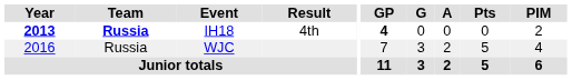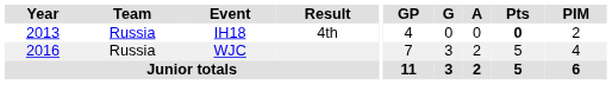 <table border="0" cellpadding="1" cellspacing="0" ID="Table3" style="text-align:center; width:40em">
 <tr ALIGN="center" bgcolor="#e0e0e0">
 <th>Year</th>
 <th>Team</th>
 <th>Event</th>
 <th>Result</th>
 <th rowspan="99" bgcolor="#ffffff"></th>
 <th>GP</th>
 <th>G</th>
 <th>A</th>
 <th>Pts</th>
 <th>PIM</th>
 </tr>
 <tr>
-<td><strong><a href='#'>2013</a></strong></td>
-<td><strong><a href='#'>Russia</a></strong></td>
+<td><a href='#'>2013</a></td>
+<td><a href='#'>Russia</a></td>
 <td><a href='#'>IH18</a></td>
 <td>4th</td>
-<td><strong>4</strong></td>
+<td>4</td>
 <td>0</td>
 <td>0</td>
-<td>0</td>
+<td><strong>0</strong></td>
 <td>2</td>
 </tr>
 <tr bgcolor="#f0f0f0">
 <td><a href='#'>2016</a></td>
 <td>Russia</td>
 <td><a href='#'>WJC</a></td>
 <td></td>
 <td>7</td>
 <td>3</td>
 <td>2</td>
 <td>5</td>
 <td>4</td>
 </tr>
 <tr bgcolor="#e0e0e0">
 <th colspan="4">Junior totals</th>
 <th>11</th>
 <th>3</th>
 <th>2</th>
 <th>5</th>
 <th>6</th>
 </tr>
 </table>
